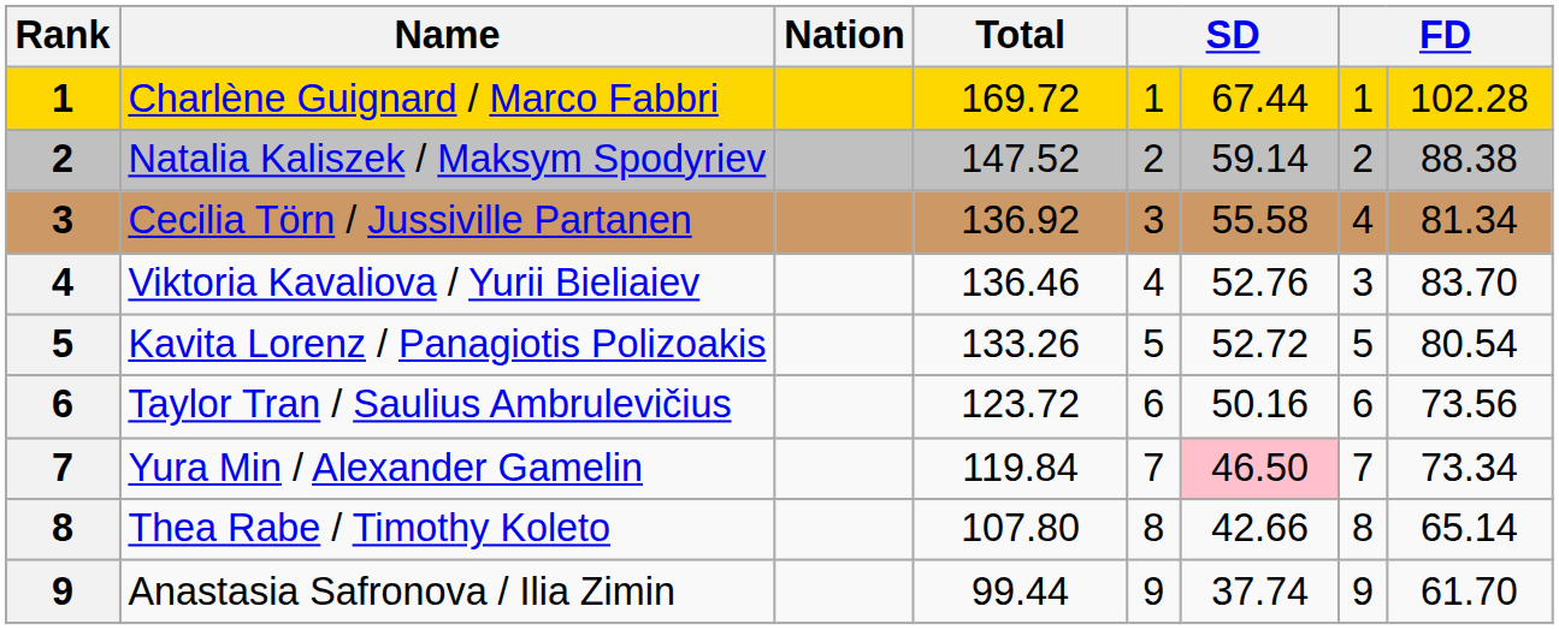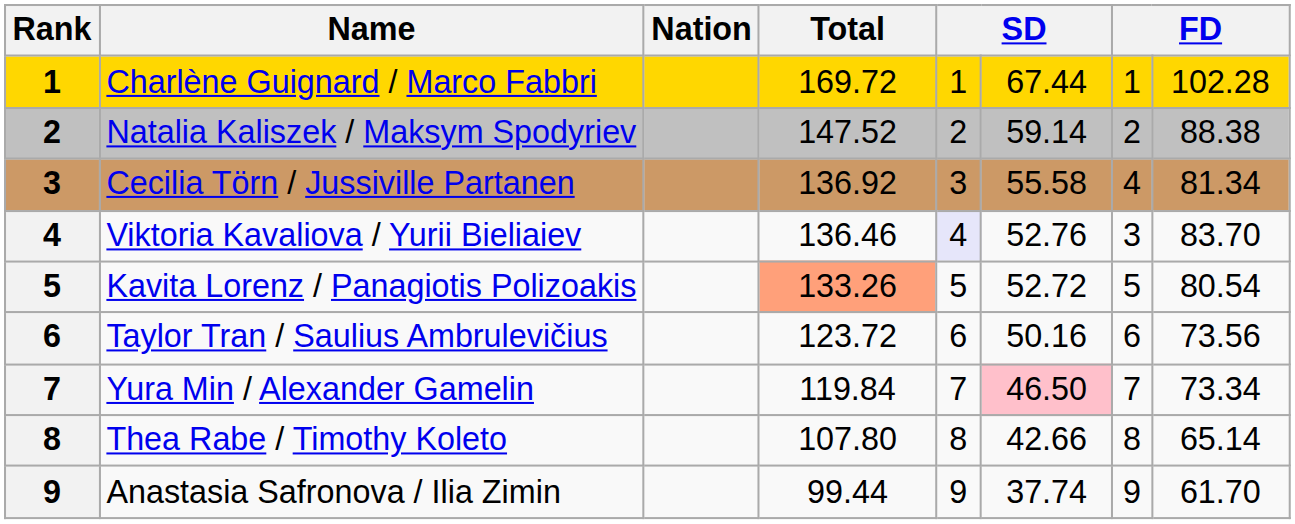 <table class="wikitable sortable">
 <tr>
 <th>Rank</th>
 <th>Name</th>
 <th>Nation</th>
 <th width="80px">Total</th>
 <th colspan="2" width="80px"><a href='#'>SD</a></th>
 <th colspan="2" width="80px"><a href='#'>FD</a></th>
 </tr>
 <tr bgcolor="gold">
 <td align="center"><strong>1</strong></td>
 <td><a href='#'>Charlène Guignard</a> / <a href='#'>Marco Fabbri</a></td>
 <td></td>
 <td align="center">169.72</td>
 <td align="center">1</td>
 <td align="center">67.44</td>
 <td align="center">1</td>
 <td align="center">102.28</td>
 </tr>
 <tr bgcolor="silver">
 <td align="center"><strong>2</strong></td>
 <td><a href='#'>Natalia Kaliszek</a> / <a href='#'>Maksym Spodyriev</a></td>
 <td></td>
 <td align="center">147.52</td>
 <td align="center">2</td>
 <td align="center">59.14</td>
 <td align="center">2</td>
 <td align="center">88.38</td>
 </tr>
 <tr bgcolor="cc9966">
 <td align="center"><strong>3</strong></td>
 <td><a href='#'>Cecilia Törn</a> / <a href='#'>Jussiville Partanen</a></td>
 <td></td>
 <td align="center">136.92</td>
 <td align="center">3</td>
 <td align="center">55.58</td>
 <td align="center">4</td>
 <td align="center">81.34</td>
 </tr>
 <tr>
 <th>4</th>
 <td><a href='#'>Viktoria Kavaliova</a> / <a href='#'>Yurii Bieliaiev</a></td>
 <td></td>
 <td align="center">136.46</td>
-<td align="center">4</td>
+<td align="center" style="background: lavender;">4</td>
 <td align="center">52.76</td>
 <td align="center">3</td>
 <td align="center">83.70</td>
 </tr>
 <tr>
 <th>5</th>
 <td><a href='#'>Kavita Lorenz</a> / <a href='#'>Panagiotis Polizoakis</a></td>
 <td></td>
-<td align="center">133.26</td>
+<td align="center" style="background: lightsalmon;">133.26</td>
 <td align="center">5</td>
 <td align="center">52.72</td>
 <td align="center">5</td>
 <td align="center">80.54</td>
 </tr>
 <tr>
 <th>6</th>
 <td><a href='#'>Taylor Tran</a> / <a href='#'>Saulius Ambrulevičius</a></td>
 <td></td>
 <td align="center">123.72</td>
 <td align="center">6</td>
 <td align="center">50.16</td>
 <td align="center">6</td>
 <td align="center">73.56</td>
 </tr>
 <tr>
 <th>7</th>
 <td><a href='#'>Yura Min</a> / <a href='#'>Alexander Gamelin</a></td>
 <td></td>
 <td align="center">119.84</td>
 <td align="center">7</td>
 <td align="center" style="background: pink;">46.50</td>
 <td align="center">7</td>
 <td align="center">73.34</td>
 </tr>
 <tr>
 <th>8</th>
 <td><a href='#'>Thea Rabe</a> / <a href='#'>Timothy Koleto</a></td>
 <td></td>
 <td align="center">107.80</td>
 <td align="center">8</td>
 <td align="center">42.66</td>
 <td align="center">8</td>
 <td align="center">65.14</td>
 </tr>
 <tr>
 <th>9</th>
 <td>Anastasia Safronova / Ilia Zimin</td>
 <td></td>
 <td align="center">99.44</td>
 <td align="center">9</td>
 <td align="center">37.74</td>
 <td align="center">9</td>
 <td align="center">61.70</td>
 </tr>
 </table>
